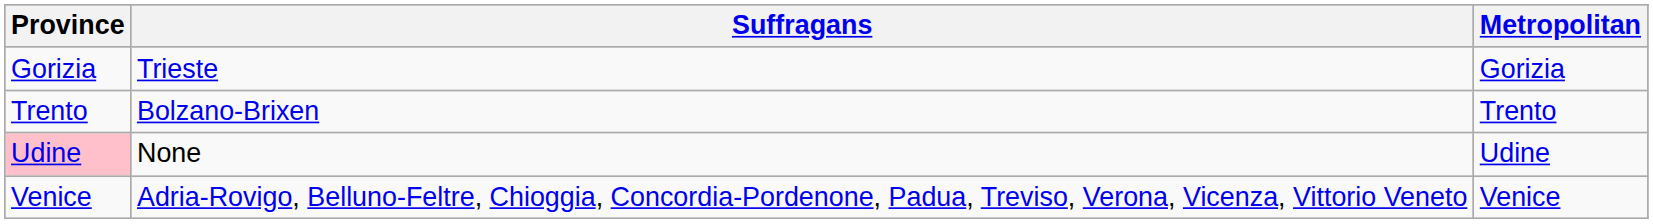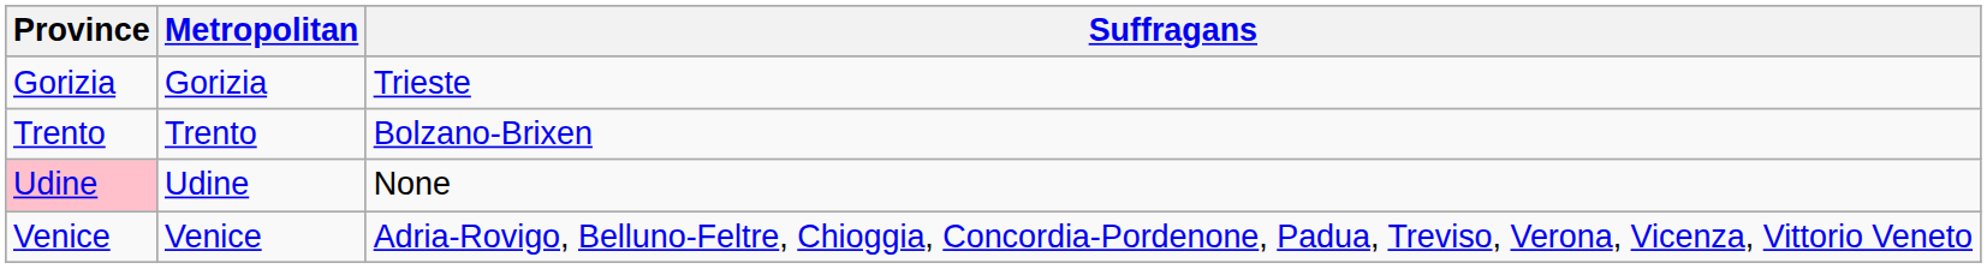 <table class="wikitable">
 <tr>
 <th>Province</th>
+<th><a href='#'>Metropolitan</a></th>
 <th><a href='#'>Suffragans</a></th>
-<th><a href='#'>Metropolitan</a></th>
 </tr>
 <tr>
 <td><a href='#'>Gorizia</a></td>
+<td><a href='#'>Gorizia</a></td>
 <td><a href='#'>Trieste</a></td>
-<td><a href='#'>Gorizia</a></td>
 </tr>
 <tr>
 <td><a href='#'>Trento</a></td>
+<td><a href='#'>Trento</a></td>
 <td><a href='#'>Bolzano-Brixen</a></td>
-<td><a href='#'>Trento</a></td>
 </tr>
 <tr>
 <td style="background: pink;"><a href='#'>Udine</a></td>
+<td><a href='#'>Udine</a></td>
 <td>None</td>
-<td><a href='#'>Udine</a></td>
 </tr>
 <tr>
 <td><a href='#'>Venice</a></td>
+<td><a href='#'>Venice</a></td>
 <td><a href='#'>Adria-Rovigo</a>, <a href='#'>Belluno-Feltre</a>, <a href='#'>Chioggia</a>, <a href='#'>Concordia-Pordenone</a>, <a href='#'>Padua</a>, <a href='#'>Treviso</a>, <a href='#'>Verona</a>, <a href='#'>Vicenza</a>, <a href='#'>Vittorio Veneto</a></td>
-<td><a href='#'>Venice</a></td>
 </tr>
 </table>
